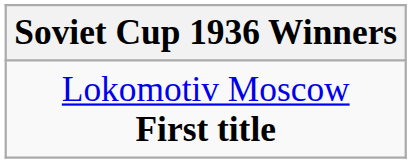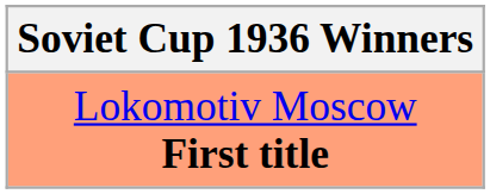 <table class="wikitable" style="text-align: center; margin: 0 auto;">
 <tr>
 <th>Soviet Cup 1936 Winners</th>
 </tr>
 <tr>
-<td><a href='#'>Lokomotiv Moscow</a><br><strong>First title</strong></td>
+<td style="background: lightsalmon;"><a href='#'>Lokomotiv Moscow</a><br><strong>First title</strong></td>
 </tr>
 </table>
